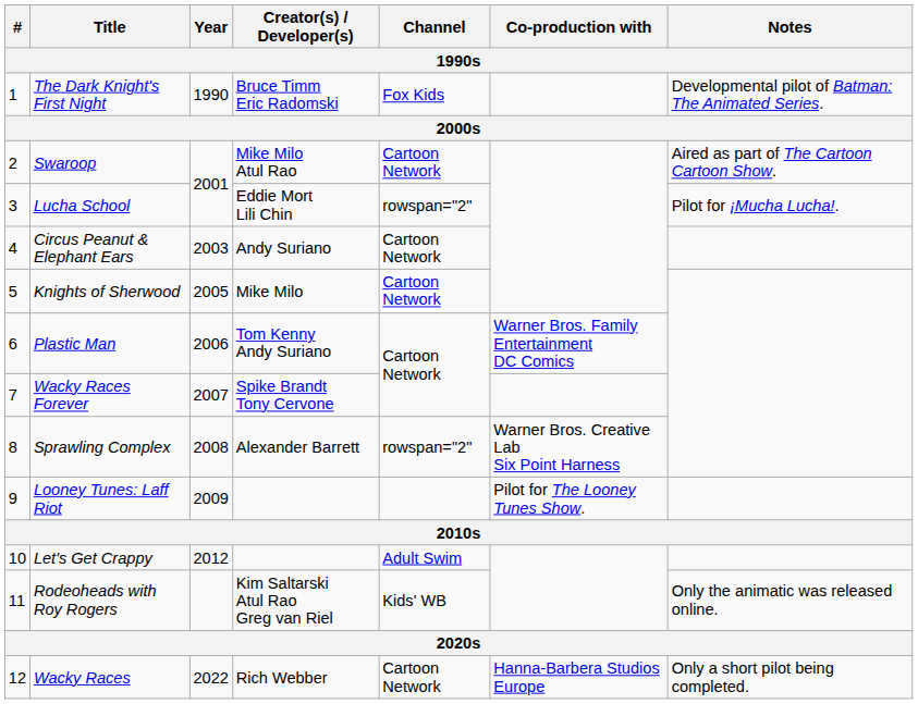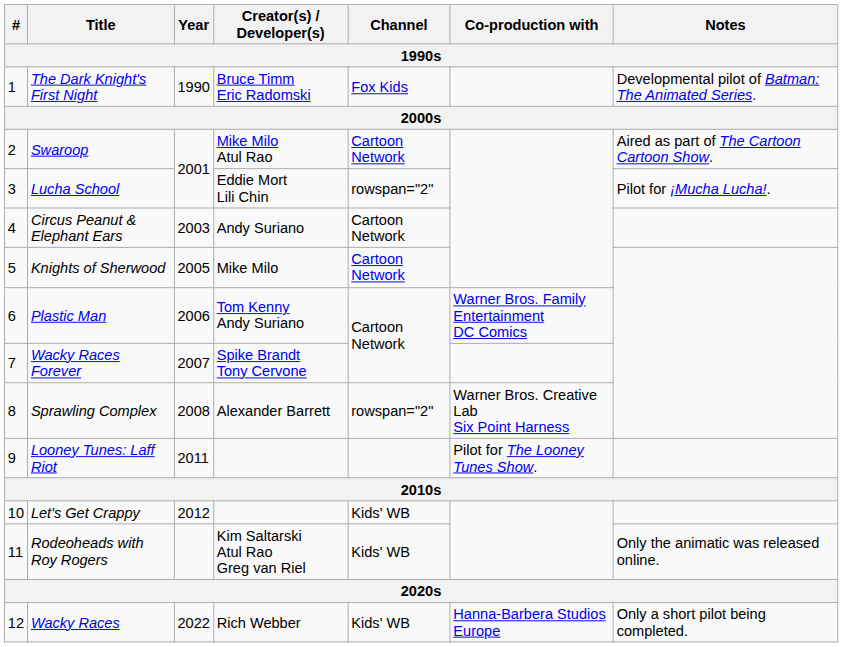 <table class="wikitable sortable" style="font-size:95%;">
 <tr>
 <th>#</th>
 <th>Title</th>
 <th>Year</th>
 <th>Creator(s) / Developer(s)</th>
 <th>Channel</th>
 <th>Co-production with</th>
 <th>Notes</th>
 </tr>
 <tr>
 <th colspan="7">1990s</th>
 </tr>
 <tr>
 <td>1</td>
 <td><em><a href='#'>The Dark Knight's First Night</a></em></td>
 <td>1990</td>
 <td><a href='#'>Bruce Timm</a><br><a href='#'>Eric Radomski</a></td>
 <td><a href='#'>Fox Kids</a></td>
 <td></td>
 <td>Developmental pilot of <em><a href='#'>Batman: The Animated Series</a></em>.</td>
 </tr>
 <tr>
 <th colspan="7">2000s</th>
 </tr>
 <tr>
 <td>2</td>
 <td><em><a href='#'>Swaroop</a></em></td>
 <td rowspan="2">2001</td>
 <td><a href='#'>Mike Milo</a><br>Atul Rao</td>
 <td><a href='#'>Cartoon Network</a></td>
 <td rowspan="4"></td>
 <td>Aired as part of <em><a href='#'>The Cartoon Cartoon Show</a></em>.</td>
 </tr>
 <tr>
 <td>3</td>
 <td><em><a href='#'>Lucha School</a></em></td>
 <td>Eddie Mort<br>Lili Chin</td>
 <td>rowspan="2" </td>
 <td>Pilot for <em><a href='#'>¡Mucha Lucha!</a></em>.</td>
 </tr>
 <tr>
 <td>4</td>
 <td><em>Circus Peanut & Elephant Ears</em></td>
 <td>2003</td>
 <td>Andy Suriano</td>
 <td>Cartoon Network</td>
 <td></td>
 </tr>
 <tr>
 <td>5</td>
 <td><em>Knights of Sherwood</em></td>
 <td>2005</td>
 <td>Mike Milo</td>
 <td><a href='#'>Cartoon Network</a></td>
 <td rowspan="4"></td>
 </tr>
 <tr>
 <td>6</td>
 <td><em><a href='#'>Plastic Man</a></em></td>
 <td>2006</td>
 <td><a href='#'>Tom Kenny</a><br>Andy Suriano</td>
 <td rowspan="2">Cartoon Network</td>
 <td><a href='#'>Warner Bros. Family Entertainment</a><br><a href='#'>DC Comics</a></td>
 </tr>
 <tr>
 <td>7</td>
 <td><em><a href='#'>Wacky Races Forever</a></em></td>
 <td>2007</td>
 <td><a href='#'>Spike Brandt<br>Tony Cervone</a></td>
 <td></td>
 </tr>
 <tr>
 <td>8</td>
 <td><em>Sprawling Complex</em></td>
 <td>2008</td>
 <td>Alexander Barrett</td>
 <td>rowspan="2" </td>
 <td>Warner Bros. Creative Lab<br><a href='#'>Six Point Harness</a></td>
 </tr>
 <tr>
 <td>9</td>
 <td><em><a href='#'>Looney Tunes: Laff Riot</a></em></td>
-<td>2009</td>
+<td>2011</td>
 <td></td>
 <td></td>
 <td>Pilot for <em><a href='#'>The Looney Tunes Show</a></em>.</td>
 </tr>
 <tr>
 <th colspan="7">2010s</th>
 </tr>
 <tr>
 <td>10</td>
 <td><em>Let's Get Crappy</em></td>
 <td>2012</td>
 <td></td>
-<td><a href='#'>Adult Swim</a></td>
+<td>Kids' WB</td>
 <td rowspan="2"></td>
 <td></td>
 </tr>
 <tr>
 <td>11</td>
 <td><em>Rodeoheads with Roy Rogers</em></td>
 <td></td>
 <td>Kim Saltarski<br>Atul Rao<br>Greg van Riel</td>
 <td>Kids' WB</td>
 <td>Only the animatic was released online.</td>
 </tr>
 <tr>
 <th colspan="7">2020s</th>
 </tr>
 <tr>
 <td>12</td>
 <td><em><a href='#'>Wacky Races</a></em></td>
 <td>2022</td>
 <td>Rich Webber</td>
-<td>Cartoon Network</td>
+<td>Kids' WB</td>
 <td><a href='#'>Hanna-Barbera Studios Europe</a></td>
 <td>Only a short pilot being completed.</td>
 </tr>
 </table>
